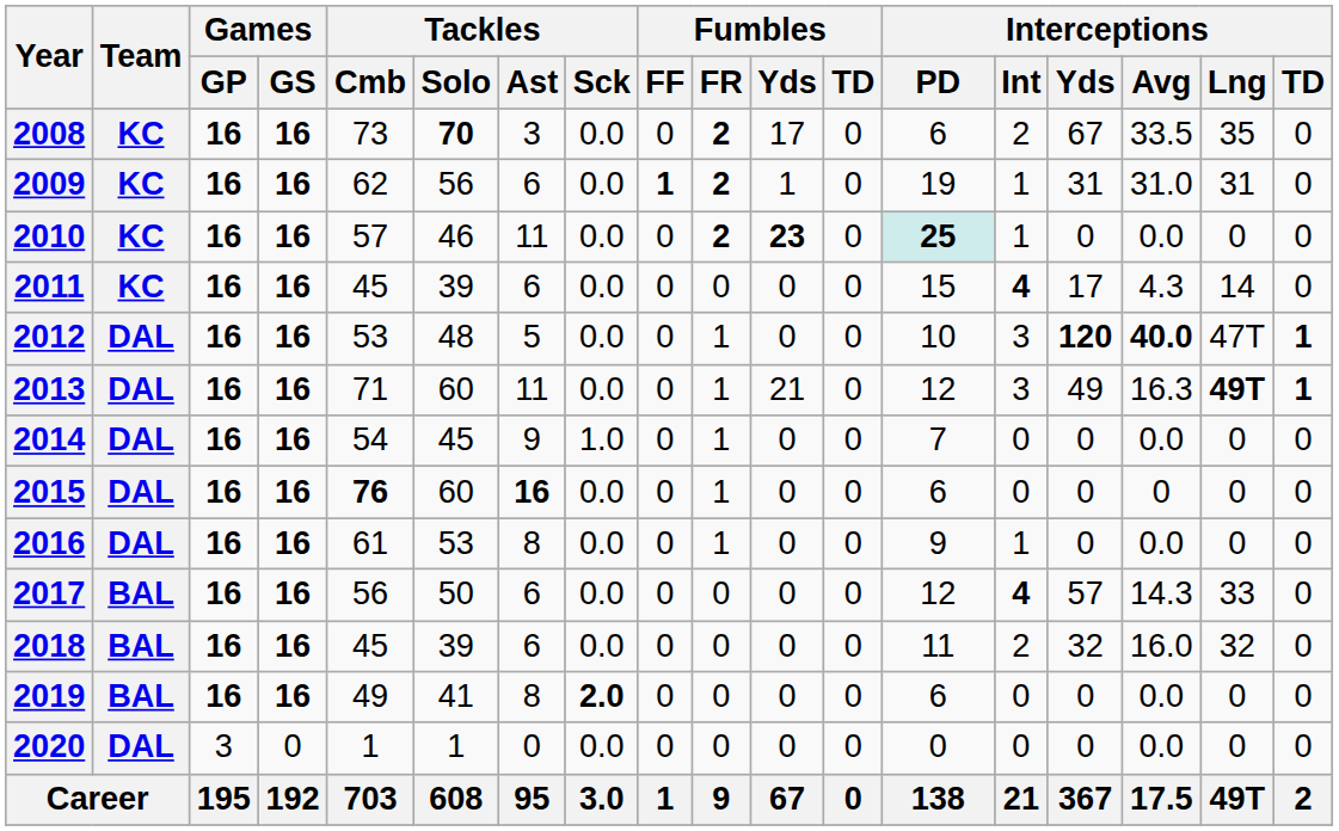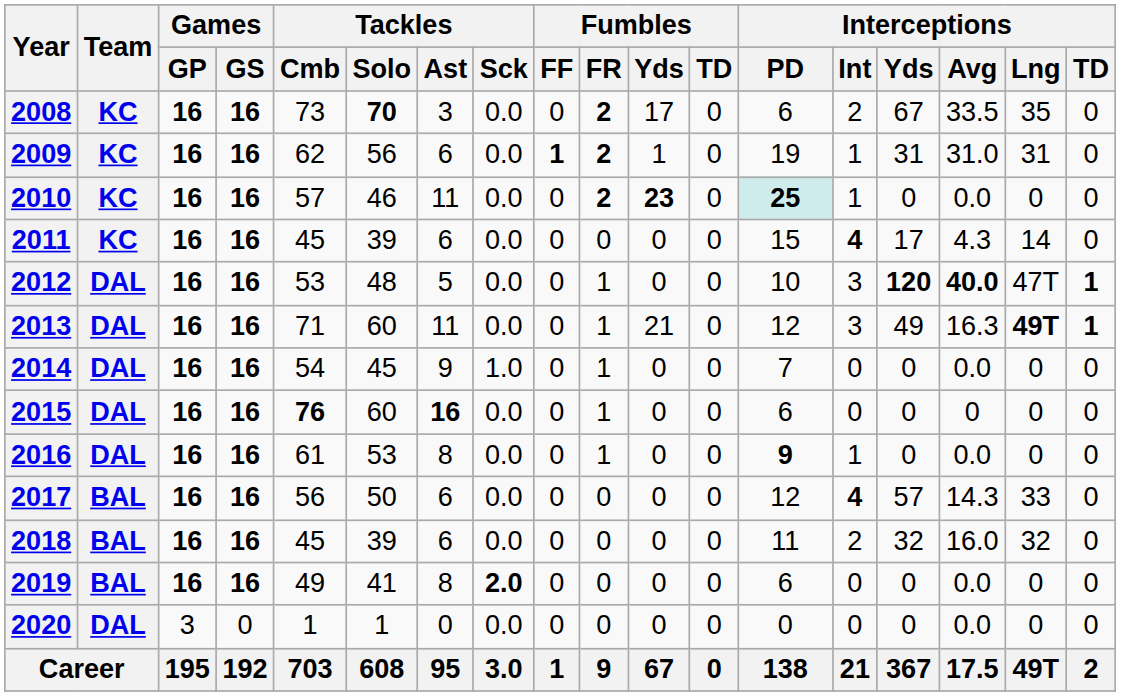 <table class=wikitable style="text-align:center;">
 <tr>
 <th rowspan="2">Year</th>
 <th rowspan="2">Team</th>
 <th colspan="2">Games</th>
 <th colspan="4">Tackles</th>
 <th colspan="4">Fumbles</th>
 <th colspan="6">Interceptions</th>
 </tr>
 <tr>
 <th>GP</th>
 <th>GS</th>
 <th>Cmb</th>
 <th>Solo</th>
 <th>Ast</th>
 <th>Sck</th>
 <th>FF</th>
 <th>FR</th>
 <th>Yds</th>
 <th>TD</th>
 <th>PD</th>
 <th>Int</th>
 <th>Yds</th>
 <th>Avg</th>
 <th>Lng</th>
 <th>TD</th>
 </tr>
 <tr>
 <th><a href='#'>2008</a></th>
 <th><a href='#'>KC</a></th>
 <td><strong>16</strong></td>
 <td><strong>16</strong></td>
 <td>73</td>
 <td><strong>70</strong></td>
 <td>3</td>
 <td>0.0</td>
 <td>0</td>
 <td><strong>2</strong></td>
 <td>17</td>
 <td>0</td>
 <td>6</td>
 <td>2</td>
 <td>67</td>
 <td>33.5</td>
 <td>35</td>
 <td>0</td>
 </tr>
 <tr>
 <th><a href='#'>2009</a></th>
 <th><a href='#'>KC</a></th>
 <td><strong>16</strong></td>
 <td><strong>16</strong></td>
 <td>62</td>
 <td>56</td>
 <td>6</td>
 <td>0.0</td>
 <td><strong>1</strong></td>
 <td><strong>2</strong></td>
 <td>1</td>
 <td>0</td>
 <td>19</td>
 <td>1</td>
 <td>31</td>
 <td>31.0</td>
 <td>31</td>
 <td>0</td>
 </tr>
 <tr>
 <th><a href='#'>2010</a></th>
 <th><a href='#'>KC</a></th>
 <td><strong>16</strong></td>
 <td><strong>16</strong></td>
 <td>57</td>
 <td>46</td>
 <td>11</td>
 <td>0.0</td>
 <td>0</td>
 <td><strong>2</strong></td>
 <td><strong>23</strong></td>
 <td>0</td>
 <td style="background:#cfecec; width:3em;"><strong>25</strong></td>
 <td>1</td>
 <td>0</td>
 <td>0.0</td>
 <td>0</td>
 <td>0</td>
 </tr>
 <tr>
 <th><a href='#'>2011</a></th>
 <th><a href='#'>KC</a></th>
 <td><strong>16</strong></td>
 <td><strong>16</strong></td>
 <td>45</td>
 <td>39</td>
 <td>6</td>
 <td>0.0</td>
 <td>0</td>
 <td>0</td>
 <td>0</td>
 <td>0</td>
 <td>15</td>
 <td><strong>4</strong></td>
 <td>17</td>
 <td>4.3</td>
 <td>14</td>
 <td>0</td>
 </tr>
 <tr>
 <th><a href='#'>2012</a></th>
 <th><a href='#'>DAL</a></th>
 <td><strong>16</strong></td>
 <td><strong>16</strong></td>
 <td>53</td>
 <td>48</td>
 <td>5</td>
 <td>0.0</td>
 <td>0</td>
 <td>1</td>
 <td>0</td>
 <td>0</td>
 <td>10</td>
 <td>3</td>
 <td><strong>120</strong></td>
 <td><strong>40.0</strong></td>
 <td>47T</td>
 <td><strong>1</strong></td>
 </tr>
 <tr>
 <th><a href='#'>2013</a></th>
 <th><a href='#'>DAL</a></th>
 <td><strong>16</strong></td>
 <td><strong>16</strong></td>
 <td>71</td>
 <td>60</td>
 <td>11</td>
 <td>0.0</td>
 <td>0</td>
 <td>1</td>
 <td>21</td>
 <td>0</td>
 <td>12</td>
 <td>3</td>
 <td>49</td>
 <td>16.3</td>
 <td><strong>49T</strong></td>
 <td><strong>1</strong></td>
 </tr>
 <tr>
 <th><a href='#'>2014</a></th>
 <th><a href='#'>DAL</a></th>
 <td><strong>16</strong></td>
 <td><strong>16</strong></td>
 <td>54</td>
 <td>45</td>
 <td>9</td>
 <td>1.0</td>
 <td>0</td>
 <td>1</td>
 <td>0</td>
 <td>0</td>
 <td>7</td>
 <td>0</td>
 <td>0</td>
 <td>0.0</td>
 <td>0</td>
 <td>0</td>
 </tr>
 <tr>
 <th><a href='#'>2015</a></th>
 <th><a href='#'>DAL</a></th>
 <td><strong>16</strong></td>
 <td><strong>16</strong></td>
 <td><strong>76</strong></td>
 <td>60</td>
 <td><strong>16</strong></td>
 <td>0.0</td>
 <td>0</td>
 <td>1</td>
 <td>0</td>
 <td>0</td>
 <td>6</td>
 <td>0</td>
 <td>0</td>
 <td>0</td>
 <td>0</td>
 <td>0</td>
 </tr>
 <tr>
 <th><a href='#'>2016</a></th>
 <th><a href='#'>DAL</a></th>
 <td><strong>16</strong></td>
 <td><strong>16</strong></td>
 <td>61</td>
 <td>53</td>
 <td>8</td>
 <td>0.0</td>
 <td>0</td>
 <td>1</td>
 <td>0</td>
 <td>0</td>
-<td>9</td>
+<td><strong>9</strong></td>
 <td>1</td>
 <td>0</td>
 <td>0.0</td>
 <td>0</td>
 <td>0</td>
 </tr>
 <tr>
 <th><a href='#'>2017</a></th>
 <th><a href='#'>BAL</a></th>
 <td><strong>16</strong></td>
 <td><strong>16</strong></td>
 <td>56</td>
 <td>50</td>
 <td>6</td>
 <td>0.0</td>
 <td>0</td>
 <td>0</td>
 <td>0</td>
 <td>0</td>
 <td>12</td>
 <td><strong>4</strong></td>
 <td>57</td>
 <td>14.3</td>
 <td>33</td>
 <td>0</td>
 </tr>
 <tr>
 <th><a href='#'>2018</a></th>
 <th><a href='#'>BAL</a></th>
 <td><strong>16</strong></td>
 <td><strong>16</strong></td>
 <td>45</td>
 <td>39</td>
 <td>6</td>
 <td>0.0</td>
 <td>0</td>
 <td>0</td>
 <td>0</td>
 <td>0</td>
 <td>11</td>
 <td>2</td>
 <td>32</td>
 <td>16.0</td>
 <td>32</td>
 <td>0</td>
 </tr>
 <tr>
 <th><a href='#'>2019</a></th>
 <th><a href='#'>BAL</a></th>
 <td><strong>16</strong></td>
 <td><strong>16</strong></td>
 <td>49</td>
 <td>41</td>
 <td>8</td>
 <td><strong>2.0</strong></td>
 <td>0</td>
 <td>0</td>
 <td>0</td>
 <td>0</td>
 <td>6</td>
 <td>0</td>
 <td>0</td>
 <td>0.0</td>
 <td>0</td>
 <td>0</td>
 </tr>
 <tr>
 <th><a href='#'>2020</a></th>
 <th><a href='#'>DAL</a></th>
 <td>3</td>
 <td>0</td>
 <td>1</td>
 <td>1</td>
 <td>0</td>
 <td>0.0</td>
 <td>0</td>
 <td>0</td>
 <td>0</td>
 <td>0</td>
 <td>0</td>
 <td>0</td>
 <td>0</td>
 <td>0.0</td>
 <td>0</td>
 <td>0</td>
 </tr>
 <tr>
 <th colspan="2">Career</th>
 <th>195</th>
 <th>192</th>
 <th>703</th>
 <th>608</th>
 <th>95</th>
 <th>3.0</th>
 <th>1</th>
 <th>9</th>
 <th>67</th>
 <th>0</th>
 <th>138</th>
 <th>21</th>
 <th>367</th>
 <th>17.5</th>
 <th>49T</th>
 <th>2</th>
 </tr>
 </table>
